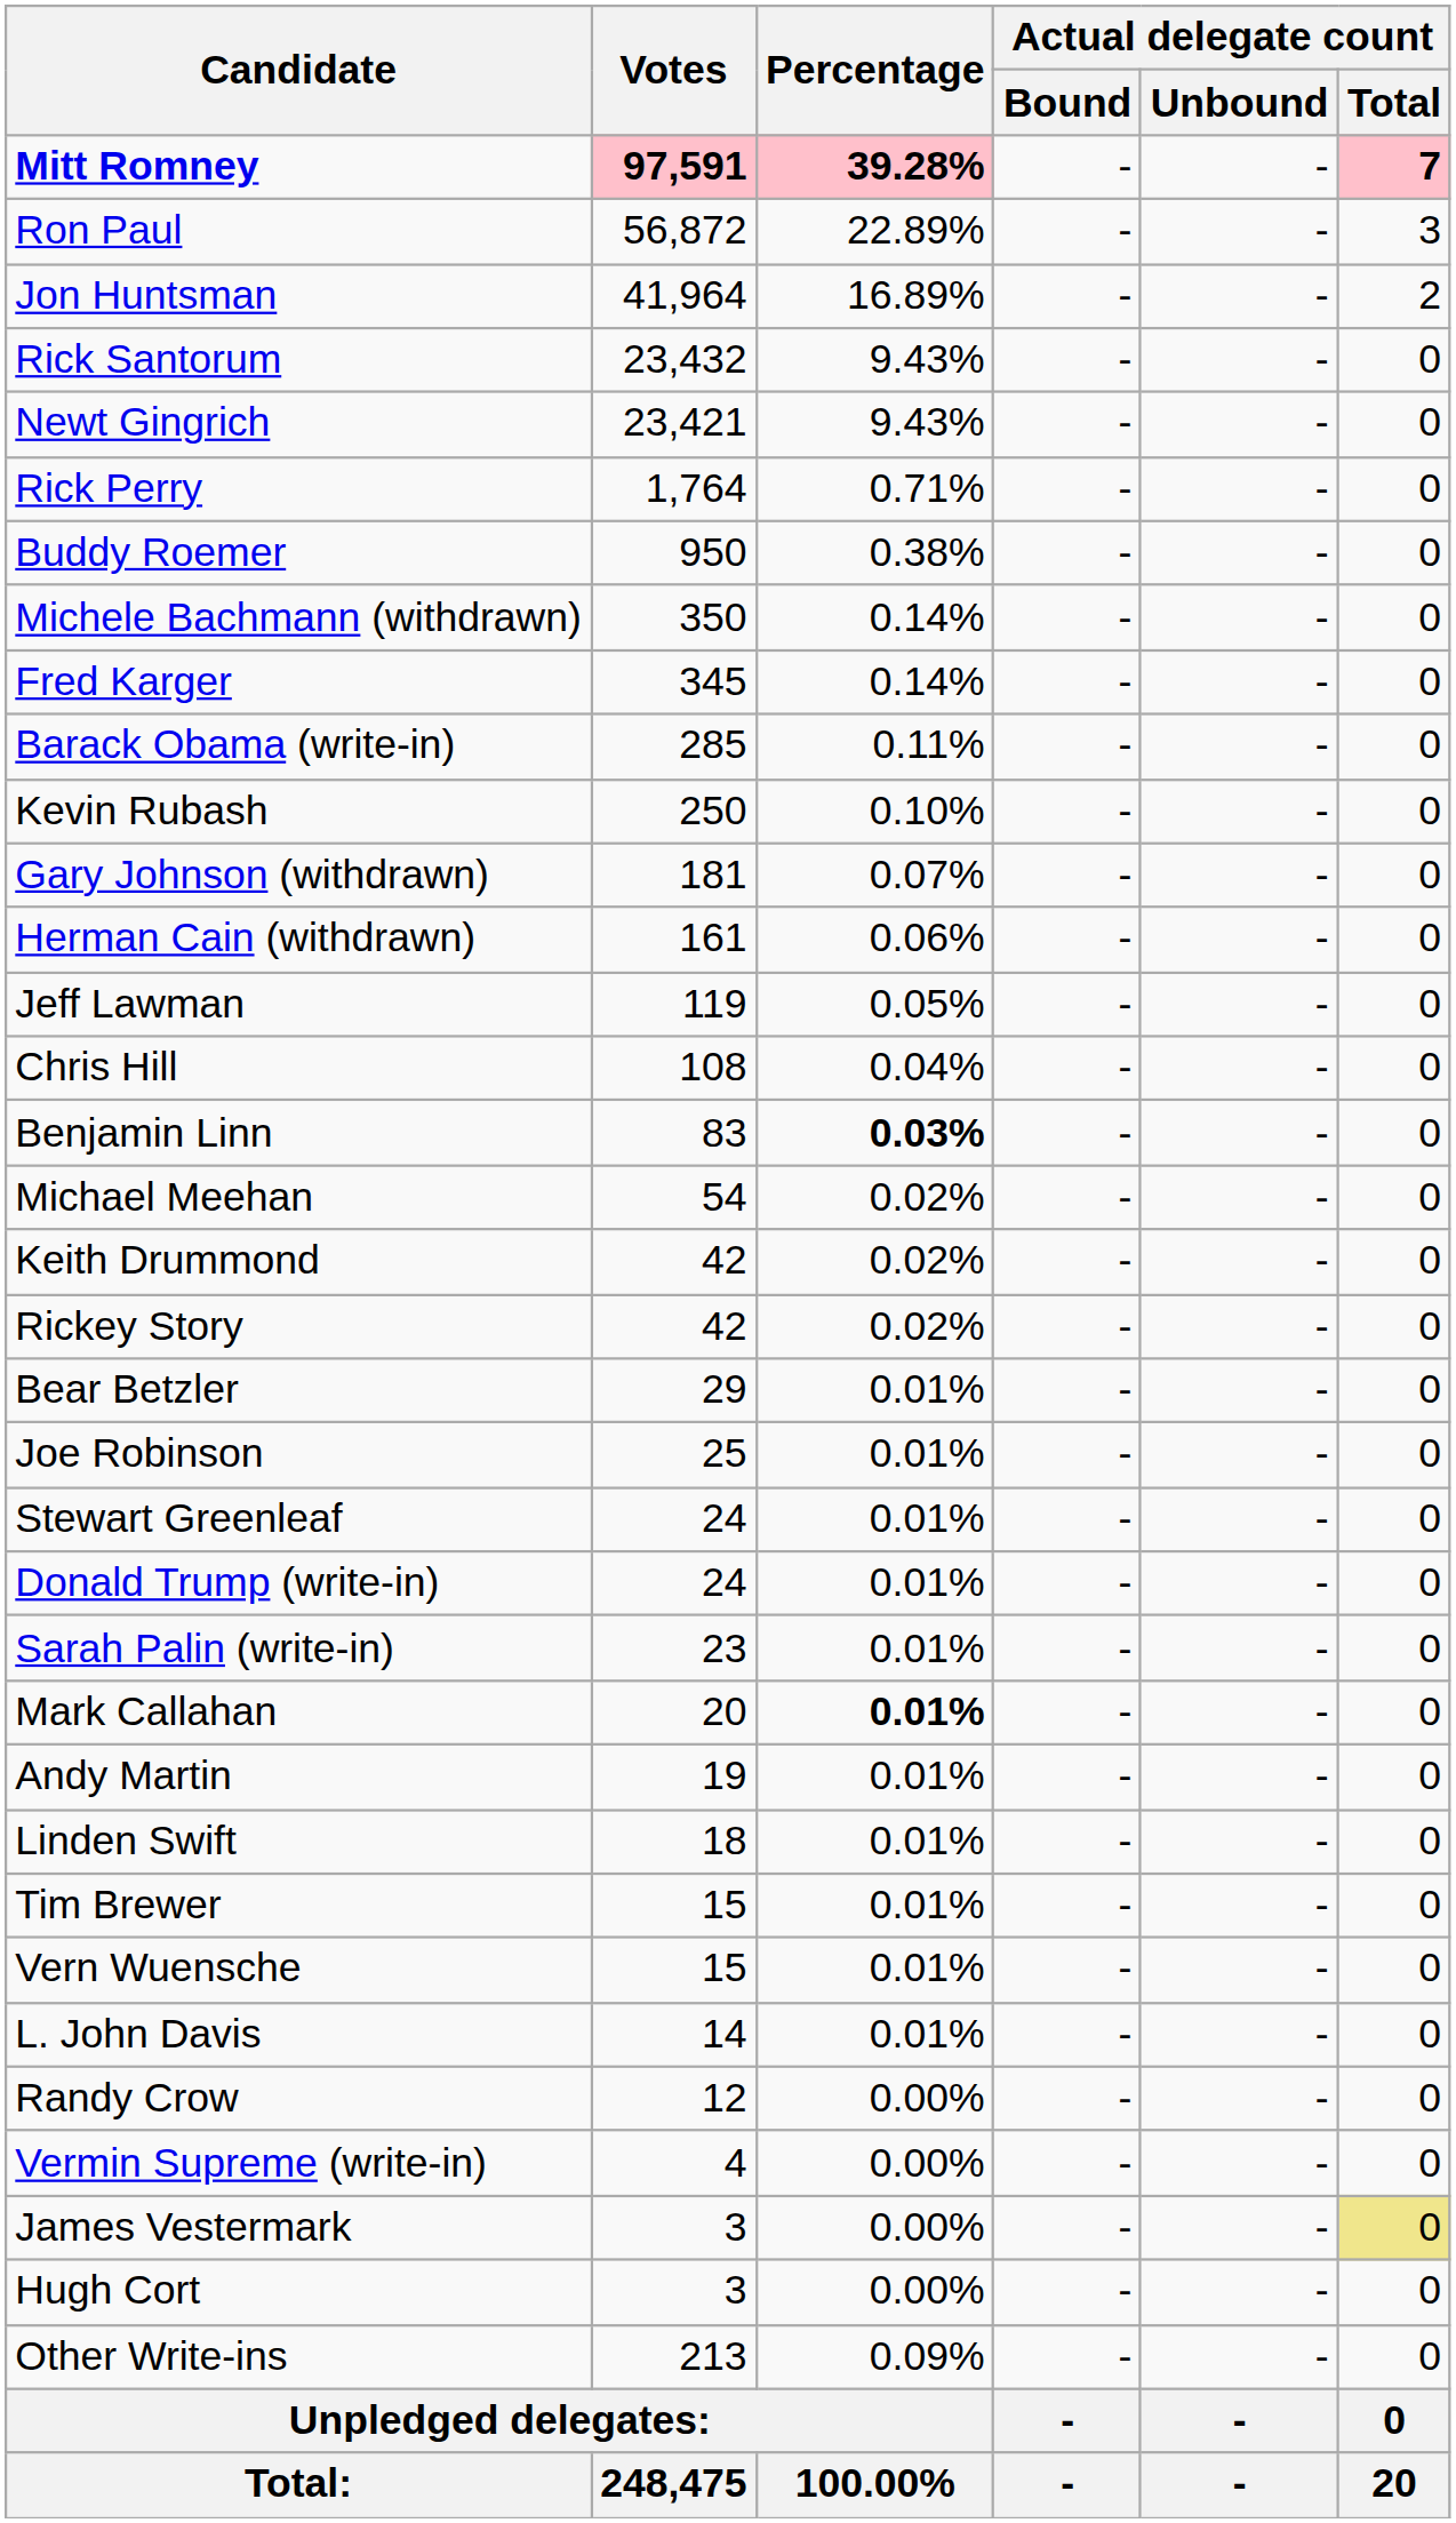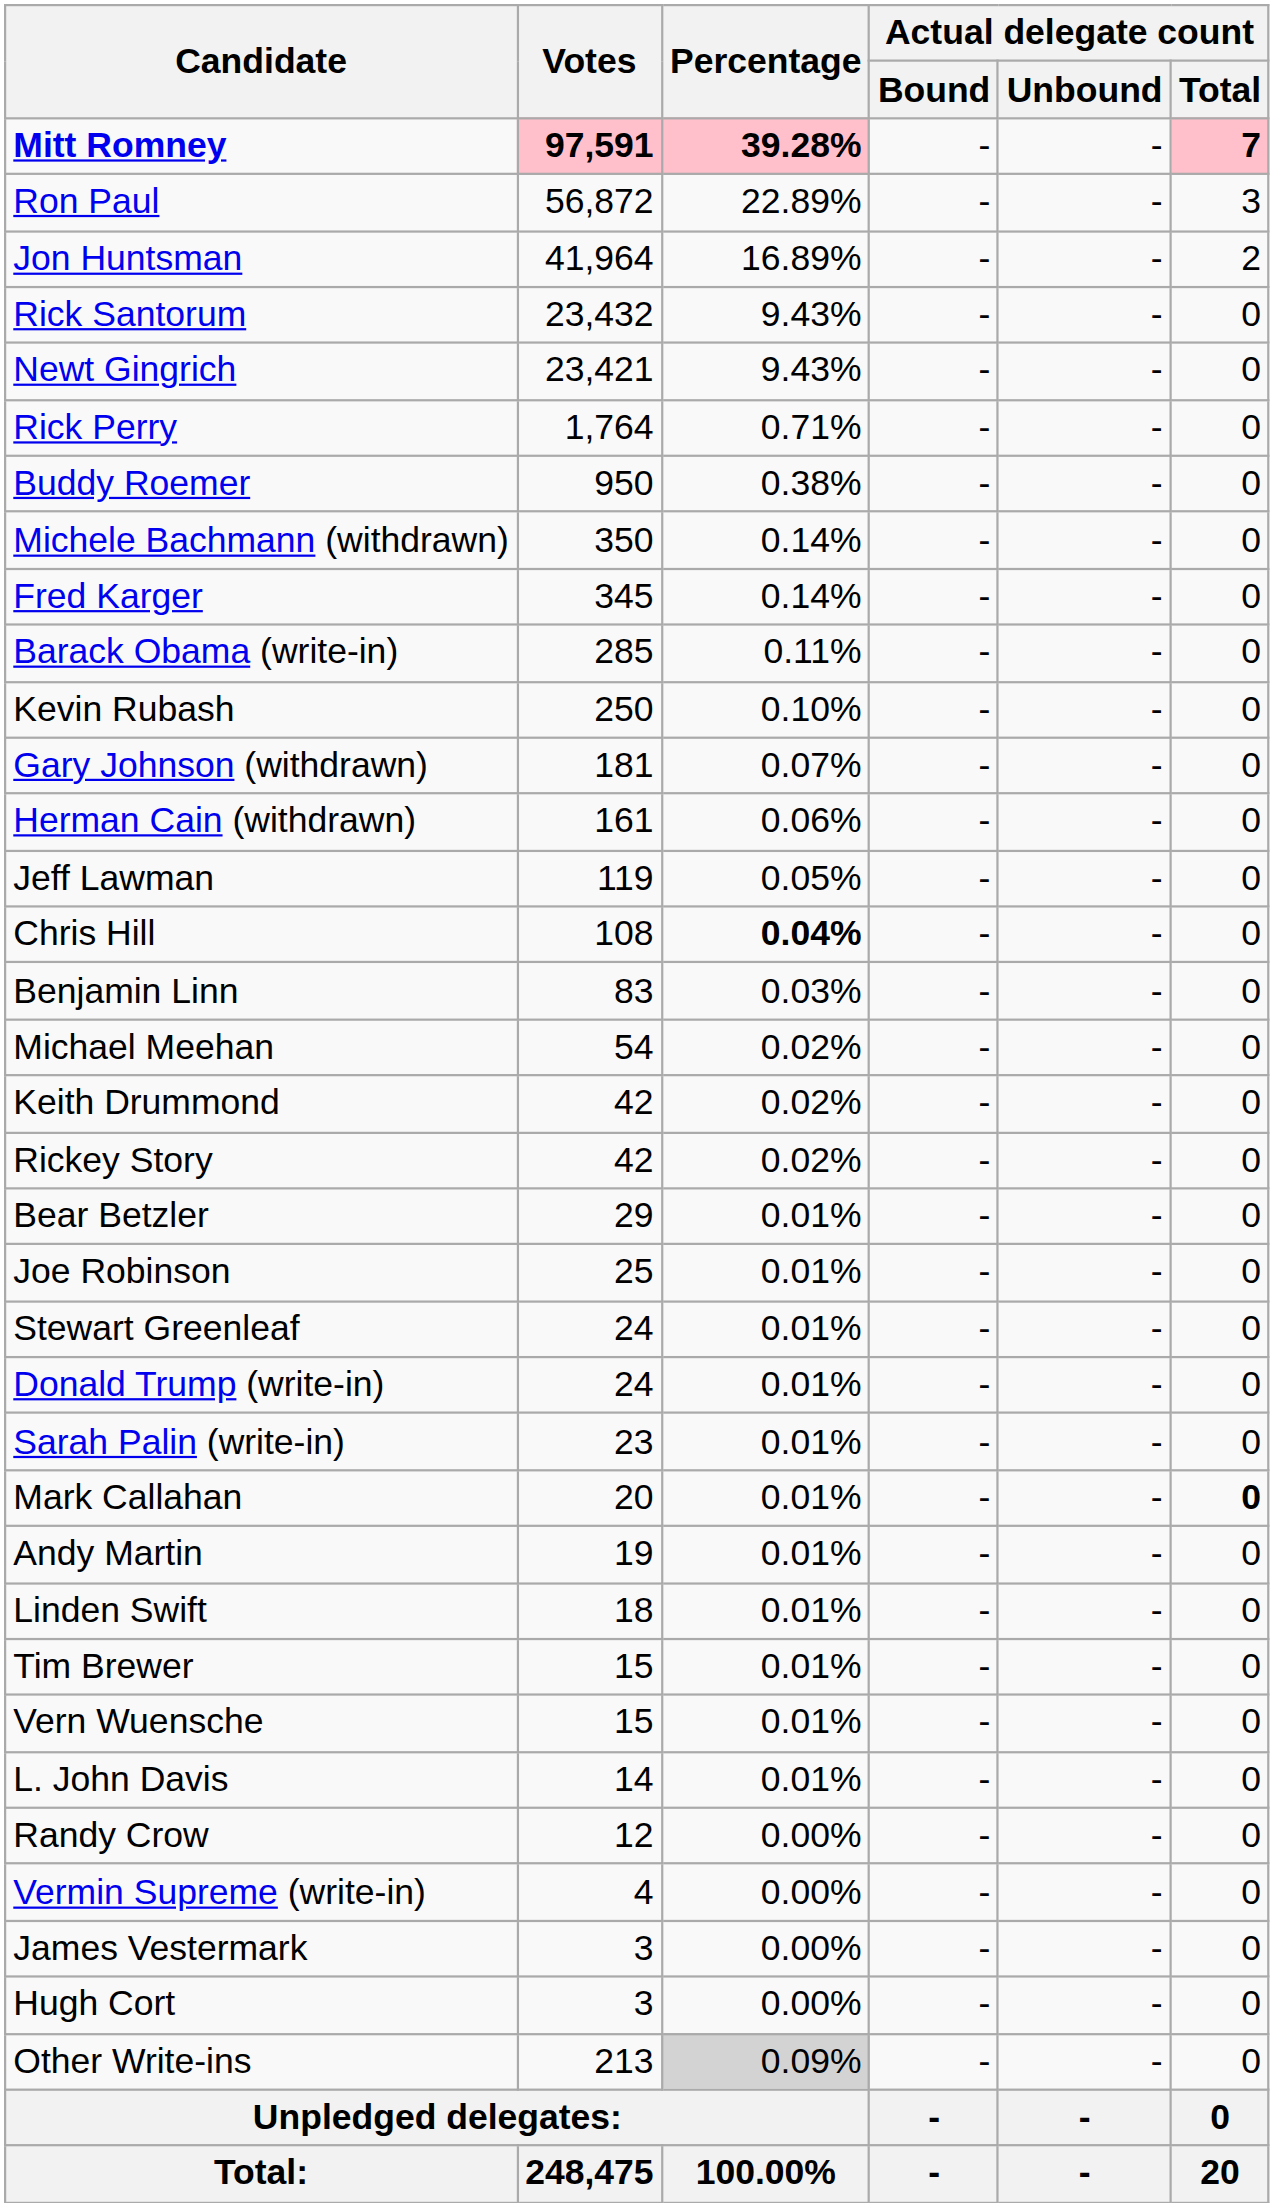 <table class="wikitable" style="text-align:right;">
 <tr>
 <th rowspan="2">Candidate</th>
 <th rowspan="2">Votes</th>
 <th rowspan="2">Percentage </th>
 <th colspan="3">Actual delegate count</th>
 </tr>
 <tr>
 <th>Bound</th>
 <th>Unbound</th>
 <th>Total</th>
 </tr>
 <tr>
 <td style="text-align:left;"> <strong><a href='#'>Mitt Romney</a></strong></td>
 <td style="background:pink;"><strong>97,591</strong></td>
 <td style="background:pink;"><strong>39.28%</strong></td>
 <td>-</td>
 <td>-</td>
 <td style="background:pink;"><strong>7</strong></td>
 </tr>
 <tr>
 <td style="text-align:left;"><a href='#'>Ron Paul</a></td>
 <td>56,872</td>
 <td>22.89%</td>
 <td>-</td>
 <td>-</td>
 <td>3</td>
 </tr>
 <tr>
 <td style="text-align:left;"><a href='#'>Jon Huntsman</a></td>
 <td>41,964</td>
 <td>16.89%</td>
 <td>-</td>
 <td>-</td>
 <td>2</td>
 </tr>
 <tr>
 <td style="text-align:left;"><a href='#'>Rick Santorum</a></td>
 <td>23,432</td>
 <td>9.43%</td>
 <td>-</td>
 <td>-</td>
 <td>0</td>
 </tr>
 <tr>
 <td style="text-align:left;"><a href='#'>Newt Gingrich</a></td>
 <td>23,421</td>
 <td>9.43%</td>
 <td>-</td>
 <td>-</td>
 <td>0</td>
 </tr>
 <tr>
 <td style="text-align:left;"><a href='#'>Rick Perry</a></td>
 <td>1,764</td>
 <td>0.71%</td>
 <td>-</td>
 <td>-</td>
 <td>0</td>
 </tr>
 <tr>
 <td style="text-align:left;"><a href='#'>Buddy Roemer</a></td>
 <td>950</td>
 <td>0.38%</td>
 <td>-</td>
 <td>-</td>
 <td>0</td>
 </tr>
 <tr>
 <td style="text-align:left;"><a href='#'>Michele Bachmann</a> (withdrawn)</td>
 <td>350</td>
 <td>0.14%</td>
 <td>-</td>
 <td>-</td>
 <td>0</td>
 </tr>
 <tr>
 <td style="text-align:left;"><a href='#'>Fred Karger</a></td>
 <td>345</td>
 <td>0.14%</td>
 <td>-</td>
 <td>-</td>
 <td>0</td>
 </tr>
 <tr>
 <td style="text-align:left;"><a href='#'>Barack Obama</a> (write-in)</td>
 <td>285</td>
 <td>0.11%</td>
 <td>-</td>
 <td>-</td>
 <td>0</td>
 </tr>
 <tr>
 <td style="text-align:left;">Kevin Rubash</td>
 <td>250</td>
 <td>0.10%</td>
 <td>-</td>
 <td>-</td>
 <td>0</td>
 </tr>
 <tr>
 <td style="text-align:left;"><a href='#'>Gary Johnson</a> (withdrawn)</td>
 <td>181</td>
 <td>0.07%</td>
 <td>-</td>
 <td>-</td>
 <td>0</td>
 </tr>
 <tr>
 <td style="text-align:left;"><a href='#'>Herman Cain</a> (withdrawn)</td>
 <td>161</td>
 <td>0.06%</td>
 <td>-</td>
 <td>-</td>
 <td>0</td>
 </tr>
 <tr>
 <td style="text-align:left;">Jeff Lawman</td>
 <td>119</td>
 <td>0.05%</td>
 <td>-</td>
 <td>-</td>
 <td>0</td>
 </tr>
 <tr>
 <td style="text-align:left;">Chris Hill</td>
 <td>108</td>
-<td>0.04%</td>
+<td><strong>0.04%</strong></td>
 <td>-</td>
 <td>-</td>
 <td>0</td>
 </tr>
 <tr>
 <td style="text-align:left;">Benjamin Linn</td>
 <td>83</td>
-<td><strong>0.03%</strong></td>
+<td>0.03%</td>
 <td>-</td>
 <td>-</td>
 <td>0</td>
 </tr>
 <tr>
 <td style="text-align:left;">Michael Meehan</td>
 <td>54</td>
 <td>0.02%</td>
 <td>-</td>
 <td>-</td>
 <td>0</td>
 </tr>
 <tr>
 <td style="text-align:left;">Keith Drummond</td>
 <td>42</td>
 <td>0.02%</td>
 <td>-</td>
 <td>-</td>
 <td>0</td>
 </tr>
 <tr>
 <td style="text-align:left;">Rickey Story</td>
 <td>42</td>
 <td>0.02%</td>
 <td>-</td>
 <td>-</td>
 <td>0</td>
 </tr>
 <tr>
 <td style="text-align:left;">Bear Betzler</td>
 <td>29</td>
 <td>0.01%</td>
 <td>-</td>
 <td>-</td>
 <td>0</td>
 </tr>
 <tr>
 <td style="text-align:left;">Joe Robinson</td>
 <td>25</td>
 <td>0.01%</td>
 <td>-</td>
 <td>-</td>
 <td>0</td>
 </tr>
 <tr>
 <td style="text-align:left;">Stewart Greenleaf</td>
 <td>24</td>
 <td>0.01%</td>
 <td>-</td>
 <td>-</td>
 <td>0</td>
 </tr>
 <tr>
 <td style="text-align:left;"><a href='#'>Donald Trump</a> (write-in)</td>
 <td>24</td>
 <td>0.01%</td>
 <td>-</td>
 <td>-</td>
 <td>0</td>
 </tr>
 <tr>
 <td style="text-align:left;"><a href='#'>Sarah Palin</a> (write-in)</td>
 <td>23</td>
 <td>0.01%</td>
 <td>-</td>
 <td>-</td>
 <td>0</td>
 </tr>
 <tr>
 <td style="text-align:left;">Mark Callahan</td>
 <td>20</td>
-<td><strong>0.01%</strong></td>
+<td>0.01%</td>
 <td>-</td>
 <td>-</td>
-<td>0</td>
+<td><strong>0</strong></td>
 </tr>
 <tr>
 <td style="text-align:left;">Andy Martin</td>
 <td>19</td>
 <td>0.01%</td>
 <td>-</td>
 <td>-</td>
 <td>0</td>
 </tr>
 <tr>
 <td style="text-align:left;">Linden Swift</td>
 <td>18</td>
 <td>0.01%</td>
 <td>-</td>
 <td>-</td>
 <td>0</td>
 </tr>
 <tr>
 <td style="text-align:left;">Tim Brewer</td>
 <td>15</td>
 <td>0.01%</td>
 <td>-</td>
 <td>-</td>
 <td>0</td>
 </tr>
 <tr>
 <td style="text-align:left;">Vern Wuensche</td>
 <td>15</td>
 <td>0.01%</td>
 <td>-</td>
 <td>-</td>
 <td>0</td>
 </tr>
 <tr>
 <td style="text-align:left;">L. John Davis</td>
 <td>14</td>
 <td>0.01%</td>
 <td>-</td>
 <td>-</td>
 <td>0</td>
 </tr>
 <tr>
 <td style="text-align:left;">Randy Crow</td>
 <td>12</td>
 <td>0.00%</td>
 <td>-</td>
 <td>-</td>
 <td>0</td>
 </tr>
 <tr>
 <td style="text-align:left;"><a href='#'>Vermin Supreme</a> (write-in)</td>
 <td>4</td>
 <td>0.00%</td>
 <td>-</td>
 <td>-</td>
 <td>0</td>
 </tr>
 <tr>
 <td style="text-align:left;">James Vestermark</td>
 <td>3</td>
 <td>0.00%</td>
 <td>-</td>
 <td>-</td>
-<td style="background: khaki;">0</td>
+<td>0</td>
 </tr>
 <tr>
 <td style="text-align:left;">Hugh Cort</td>
 <td>3</td>
 <td>0.00%</td>
 <td>-</td>
 <td>-</td>
 <td>0</td>
 </tr>
 <tr>
 <td style="text-align:left;">Other Write-ins</td>
 <td>213</td>
-<td>0.09%</td>
+<td style="background: lightgrey;">0.09%</td>
 <td>-</td>
 <td>-</td>
 <td>0</td>
 </tr>
 <tr style="background:#eee;">
 <th colspan="3">Unpledged delegates:</th>
 <th>-</th>
 <th>-</th>
 <th>0</th>
 </tr>
 <tr style="background:#eee;">
 <th>Total:</th>
 <th>248,475</th>
 <th>100.00%</th>
 <th>-</th>
 <th>-</th>
 <th>20</th>
 </tr>
 </table>
